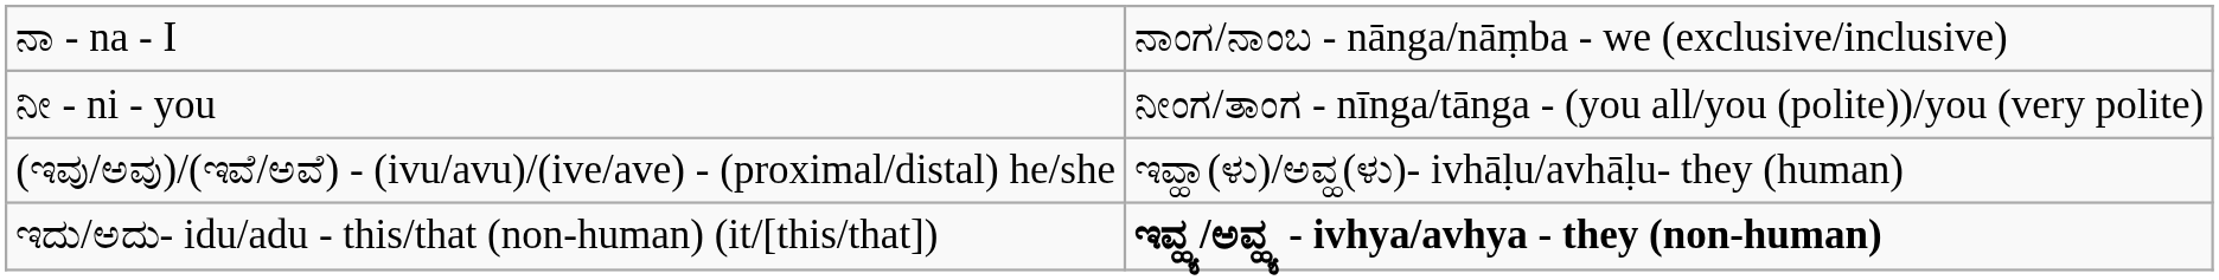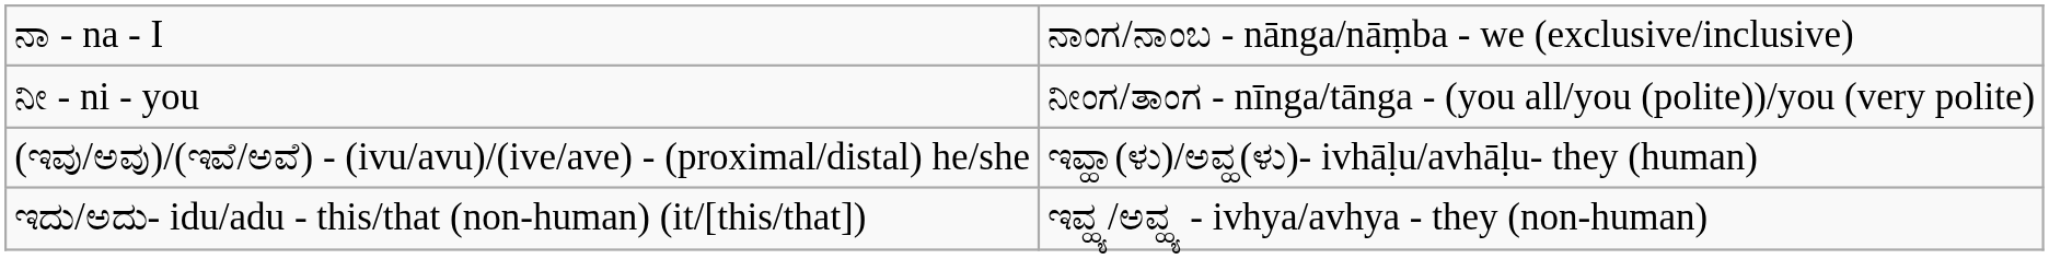 <table class="wikitable">
 <tr>
 <td>ನಾ - na - I</td>
 <td>ನಾಂಗ/ನಾಂಬ - nānga/nāṃba - we (exclusive/inclusive)</td>
 </tr>
 <tr>
 <td>ನೀ - ni - you</td>
 <td>ನೀಂಗ/ತಾಂಗ - nīnga/tānga - (you all/you (polite))/you (very polite)</td>
 </tr>
 <tr>
 <td>(ಇವು/ಅವು)/(ಇವೆ/ಅವೆ) - (ivu/avu)/(ive/ave) - (proximal/distal) he/she</td>
 <td>ಇವ್ಹಾ(ಳು)/ಅವ್ಹ(ಳು)- ivhāḷu/avhāḷu- they (human)</td>
 </tr>
 <tr>
 <td>ಇದು/ಅದು- idu/adu - this/that (non-human) (it/[this/that])</td>
-<td><strong>ಇವ್ಹ್ಯ/ಅವ್ಹ್ಯ - ivhya/avhya - they (non-human)</strong></td>
+<td>ಇವ್ಹ್ಯ/ಅವ್ಹ್ಯ - ivhya/avhya - they (non-human)</td>
 </tr>
 </table>
